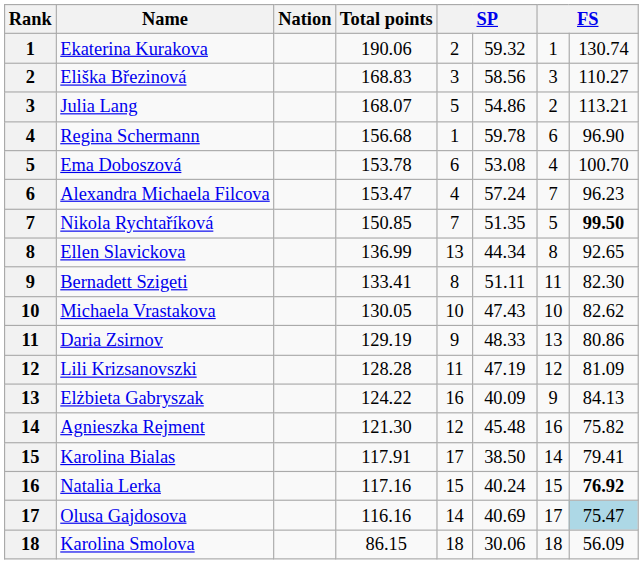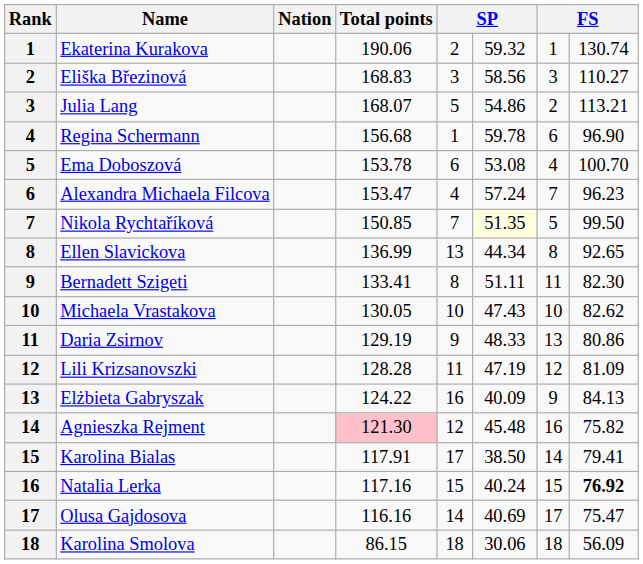 <table class="wikitable sortable">
 <tr>
 <th>Rank</th>
 <th>Name</th>
 <th>Nation</th>
 <th>Total points</th>
 <th colspan="2" width="80px"><a href='#'>SP</a></th>
 <th colspan="2" width="80px"><a href='#'>FS</a></th>
 </tr>
 <tr>
 <th>1</th>
 <td><a href='#'>Ekaterina Kurakova</a></td>
 <td></td>
 <td align="center">190.06</td>
 <td align="center">2</td>
 <td align="center">59.32</td>
 <td align="center">1</td>
 <td align="center">130.74</td>
 </tr>
 <tr>
 <th>2</th>
 <td><a href='#'>Eliška Březinová</a></td>
 <td></td>
 <td align="center">168.83</td>
 <td align="center">3</td>
 <td align="center">58.56</td>
 <td align="center">3</td>
 <td align="center">110.27</td>
 </tr>
 <tr>
 <th>3</th>
 <td><a href='#'>Julia Lang</a></td>
 <td></td>
 <td align="center">168.07</td>
 <td align="center">5</td>
 <td align="center">54.86</td>
 <td align="center">2</td>
 <td align="center">113.21</td>
 </tr>
 <tr>
 <th>4</th>
 <td><a href='#'>Regina Schermann</a></td>
 <td></td>
 <td align="center">156.68</td>
 <td align="center">1</td>
 <td align="center">59.78</td>
 <td align="center">6</td>
 <td align="center">96.90</td>
 </tr>
 <tr>
 <th>5</th>
 <td><a href='#'>Ema Doboszová</a></td>
 <td></td>
 <td align="center">153.78</td>
 <td align="center">6</td>
 <td align="center">53.08</td>
 <td align="center">4</td>
 <td align="center">100.70</td>
 </tr>
 <tr>
 <th>6</th>
 <td><a href='#'>Alexandra Michaela Filcova</a></td>
 <td></td>
 <td align="center">153.47</td>
 <td align="center">4</td>
 <td align="center">57.24</td>
 <td align="center">7</td>
 <td align="center">96.23</td>
 </tr>
 <tr>
 <th>7</th>
 <td><a href='#'>Nikola Rychtaříková</a></td>
 <td></td>
 <td align="center">150.85</td>
 <td align="center">7</td>
-<td align="center">51.35</td>
+<td align="center" style="background: lightyellow;">51.35</td>
 <td align="center">5</td>
-<td align="center"><strong>99.50</strong></td>
+<td align="center">99.50</td>
 </tr>
 <tr>
 <th>8</th>
 <td><a href='#'>Ellen Slavickova</a></td>
 <td></td>
 <td align="center">136.99</td>
 <td align="center">13</td>
 <td align="center">44.34</td>
 <td align="center">8</td>
 <td align="center">92.65</td>
 </tr>
 <tr>
 <th>9</th>
 <td><a href='#'>Bernadett Szigeti</a></td>
 <td></td>
 <td align="center">133.41</td>
 <td align="center">8</td>
 <td align="center">51.11</td>
 <td align="center">11</td>
 <td align="center">82.30</td>
 </tr>
 <tr>
 <th>10</th>
 <td><a href='#'>Michaela Vrastakova</a></td>
 <td></td>
 <td align="center">130.05</td>
 <td align="center">10</td>
 <td align="center">47.43</td>
 <td align="center">10</td>
 <td align="center">82.62</td>
 </tr>
 <tr>
 <th>11</th>
 <td><a href='#'>Daria Zsirnov</a></td>
 <td></td>
 <td align="center">129.19</td>
 <td align="center">9</td>
 <td align="center">48.33</td>
 <td align="center">13</td>
 <td align="center">80.86</td>
 </tr>
 <tr>
 <th>12</th>
 <td><a href='#'>Lili Krizsanovszki</a></td>
 <td></td>
 <td align="center">128.28</td>
 <td align="center">11</td>
 <td align="center">47.19</td>
 <td align="center">12</td>
 <td align="center">81.09</td>
 </tr>
 <tr>
 <th>13</th>
 <td><a href='#'>Elżbieta Gabryszak</a></td>
 <td></td>
 <td align="center">124.22</td>
 <td align="center">16</td>
 <td align="center">40.09</td>
 <td align="center">9</td>
 <td align="center">84.13</td>
 </tr>
 <tr>
 <th>14</th>
 <td><a href='#'>Agnieszka Rejment</a></td>
 <td></td>
-<td align="center">121.30</td>
+<td align="center" style="background: pink;">121.30</td>
 <td align="center">12</td>
 <td align="center">45.48</td>
 <td align="center">16</td>
 <td align="center">75.82</td>
 </tr>
 <tr>
 <th>15</th>
 <td><a href='#'>Karolina Bialas</a></td>
 <td></td>
 <td align="center">117.91</td>
 <td align="center">17</td>
 <td align="center">38.50</td>
 <td align="center">14</td>
 <td align="center">79.41</td>
 </tr>
 <tr>
 <th>16</th>
 <td><a href='#'>Natalia Lerka</a></td>
 <td></td>
 <td align="center">117.16</td>
 <td align="center">15</td>
 <td align="center">40.24</td>
 <td align="center">15</td>
 <td align="center"><strong>76.92</strong></td>
 </tr>
 <tr>
 <th>17</th>
 <td><a href='#'>Olusa Gajdosova</a></td>
 <td></td>
 <td align="center">116.16</td>
 <td align="center">14</td>
 <td align="center">40.69</td>
 <td align="center">17</td>
-<td align="center" style="background: lightblue;">75.47</td>
+<td align="center">75.47</td>
 </tr>
 <tr>
 <th>18</th>
 <td><a href='#'>Karolina Smolova</a></td>
 <td></td>
 <td align="center">86.15</td>
 <td align="center">18</td>
 <td align="center">30.06</td>
 <td align="center">18</td>
 <td align="center">56.09</td>
 </tr>
 </table>
